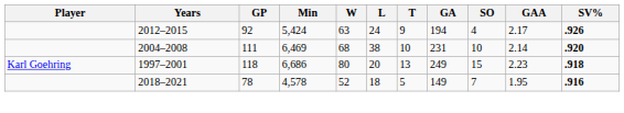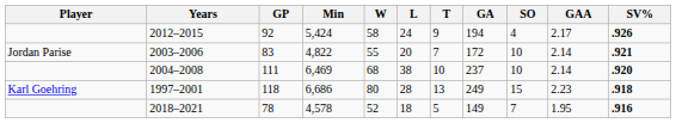 <table class="wikitable sortable" width = 900>
 <tr>
 <th>Player</th>
 <th>Years</th>
 <th>GP</th>
 <th>Min</th>
 <th>W</th>
 <th>L</th>
 <th>T</th>
 <th>GA</th>
 <th>SO</th>
 <th>GAA</th>
 <th>SV%</th>
 </tr>
 <tr>
 <td></td>
 <td>2012–2015</td>
 <td>92</td>
 <td>5,424</td>
-<td>63</td>
+<td>58</td>
 <td>24</td>
 <td>9</td>
 <td>194</td>
 <td>4</td>
 <td>2.17</td>
 <td><strong>.926</strong></td>
+</tr>
+<tr>
+<td>Jordan Parise</td>
+<td>2003–2006</td>
+<td>83</td>
+<td>4,822</td>
+<td>55</td>
+<td>20</td>
+<td>7</td>
+<td>172</td>
+<td>10</td>
+<td>2.14</td>
+<td><strong>.921</strong></td>
 </tr>
 <tr>
 <td></td>
 <td>2004–2008</td>
 <td>111</td>
 <td>6,469</td>
 <td>68</td>
 <td>38</td>
 <td>10</td>
-<td>231</td>
+<td>237</td>
 <td>10</td>
 <td>2.14</td>
 <td><strong>.920</strong></td>
 </tr>
 <tr>
 <td><a href='#'>Karl Goehring</a></td>
 <td>1997–2001</td>
 <td>118</td>
 <td>6,686</td>
 <td>80</td>
-<td>20</td>
+<td>28</td>
 <td>13</td>
 <td>249</td>
 <td>15</td>
 <td>2.23</td>
 <td><strong>.918</strong></td>
 </tr>
 <tr>
 <td></td>
 <td>2018–2021</td>
 <td>78</td>
 <td>4,578</td>
 <td>52</td>
 <td>18</td>
 <td>5</td>
 <td>149</td>
 <td>7</td>
 <td>1.95</td>
 <td><strong>.916</strong></td>
 </tr>
 </table>
